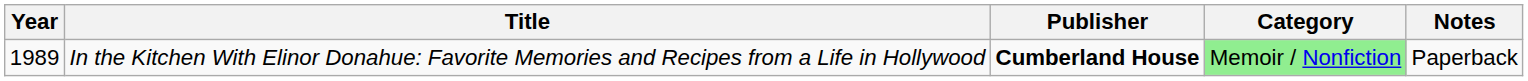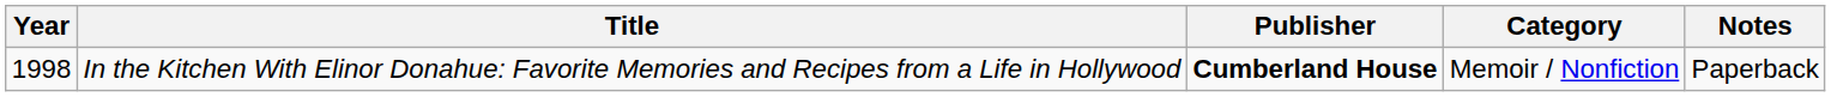 <table class="wikitable">
 <tr>
 <th>Year</th>
 <th>Title</th>
 <th>Publisher</th>
 <th>Category</th>
 <th class="unsortable">Notes</th>
 </tr>
 <tr>
-<td>1989</td>
+<td>1998</td>
 <td><em>In the Kitchen With Elinor Donahue: Favorite Memories and Recipes from a Life in Hollywood</em>  </td>
 <td><strong>Cumberland House</strong></td>
-<td style="background: lightgreen;">Memoir / <a href='#'>Nonfiction</a></td>
+<td>Memoir / <a href='#'>Nonfiction</a></td>
 <td>Paperback </td>
 </tr>
 </table>
